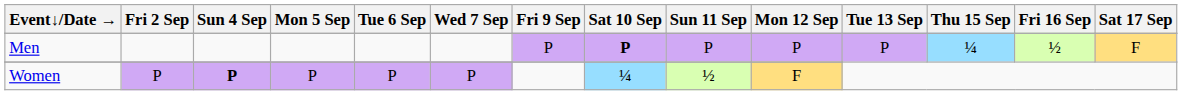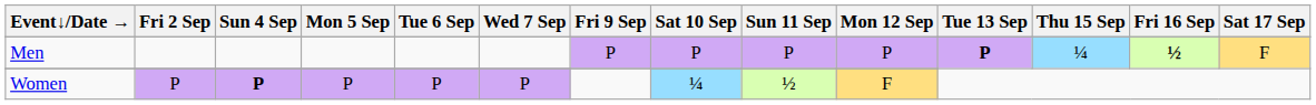 <table class="wikitable" style="margin:0.5em auto; font-size:90%; line-height:1.25em;">
 <tr style="text-align:center;">
 <th>Event↓/Date →</th>
 <th>Fri 2 Sep</th>
 <th>Sun 4 Sep</th>
 <th>Mon 5 Sep</th>
 <th>Tue 6 Sep</th>
 <th>Wed 7 Sep</th>
 <th>Fri 9 Sep</th>
 <th>Sat 10 Sep</th>
 <th>Sun 11 Sep</th>
 <th>Mon 12 Sep</th>
 <th>Tue 13 Sep</th>
 <th>Thu 15 Sep</th>
 <th>Fri 16 Sep</th>
 <th>Sat 17 Sep</th>
 </tr>
 <tr>
 </tr>
 <tr style="text-align:center;">
 <td style="text-align:left;"><a href='#'>Men</a></td>
 <td></td>
 <td></td>
 <td></td>
 <td></td>
 <td></td>
 <td style="background-color:#D0A9F5;">P</td>
-<td style="background-color:#D0A9F5;"><strong>P</strong></td>
 <td style="background-color:#D0A9F5;">P</td>
 <td style="background-color:#D0A9F5;">P</td>
 <td style="background-color:#D0A9F5;">P</td>
+<td style="background-color:#D0A9F5;"><strong>P</strong></td>
 <td style="background-color:#97DEFF;">¼</td>
-<td style="background-color:#D9FFB2;">½</td>
+<td style="background-color:#D9FFB2;"><strong>½</strong></td>
 <td style="background-color:#FFDF80;">F</td>
 </tr>
 <tr>
 </tr>
 <tr style="text-align:center;">
 <td style="text-align:left;"><a href='#'>Women</a></td>
 <td style="background-color:#D0A9F5;">P</td>
 <td style="background-color:#D0A9F5;"><strong>P</strong></td>
 <td style="background-color:#D0A9F5;">P</td>
 <td style="background-color:#D0A9F5;">P</td>
 <td style="background-color:#D0A9F5;">P</td>
 <td></td>
 <td style="background-color:#97DEFF;">¼</td>
 <td style="background-color:#D9FFB2;">½</td>
 <td style="background-color:#FFDF80;">F</td>
 </tr>
 </table>
